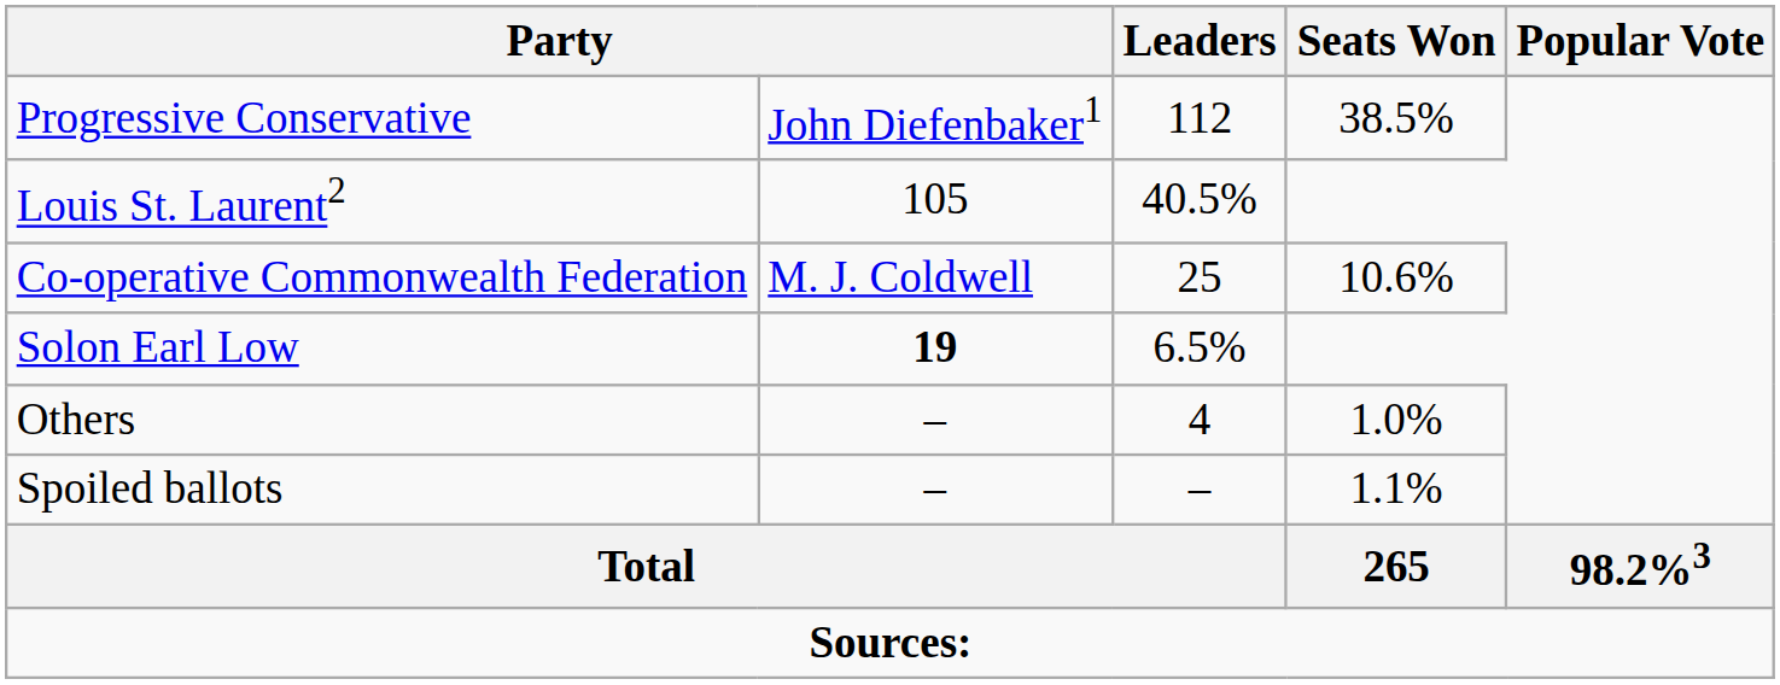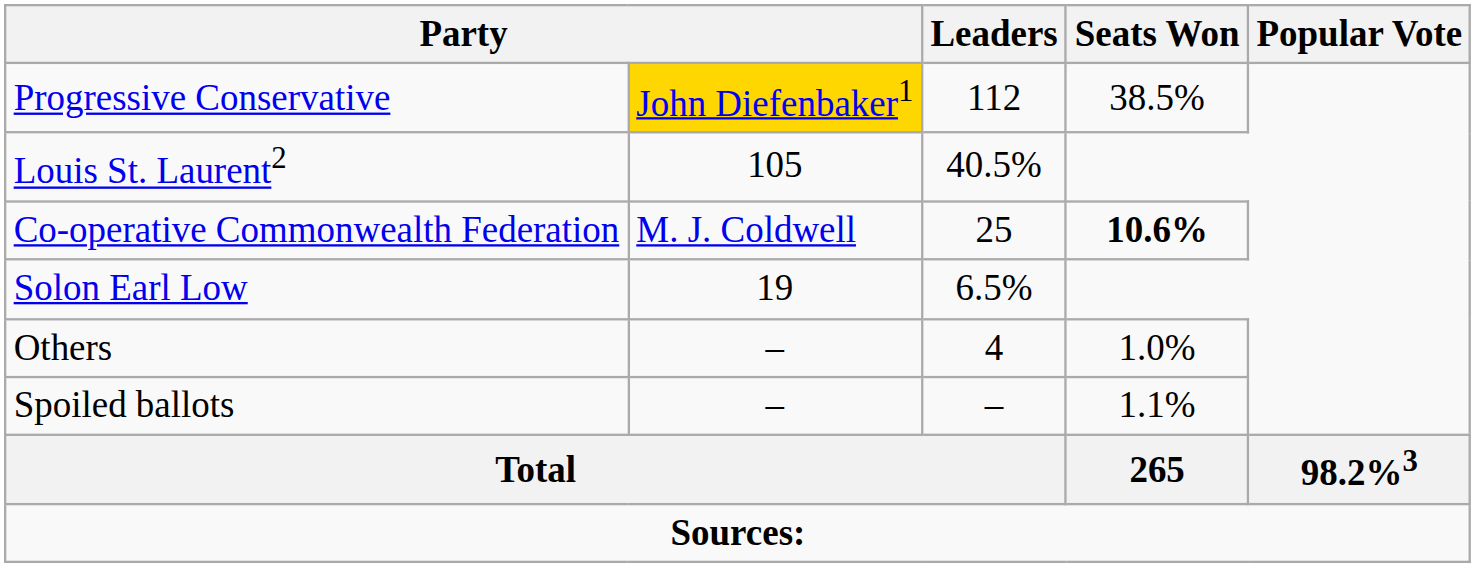 <table class="wikitable">
 <tr>
 <th colspan="2">Party</th>
 <th>Leaders</th>
 <th>Seats Won</th>
 <th>Popular Vote</th>
 </tr>
 <tr>
 <td><a href='#'>Progressive Conservative</a></td>
-<td><a href='#'>John Diefenbaker</a><sup>1</sup></td>
+<td style="background: gold;"><a href='#'>John Diefenbaker</a><sup>1</sup></td>
 <td align=center>112</td>
 <td align=center>38.5%</td>
 </tr>
 <tr>
 <td><a href='#'>Louis St. Laurent</a><sup>2</sup></td>
 <td align=center>105</td>
 <td align=center>40.5%</td>
 </tr>
 <tr>
 <td><a href='#'>Co-operative Commonwealth Federation</a></td>
 <td><a href='#'>M. J. Coldwell</a></td>
 <td align=center>25</td>
-<td align=center>10.6%</td>
+<td align=center><strong>10.6%</strong></td>
 </tr>
 <tr>
 <td><a href='#'>Solon Earl Low</a></td>
-<td align=center><strong>19</strong></td>
+<td align=center>19</td>
 <td align=center>6.5%</td>
 </tr>
 <tr>
 <td>Others</td>
 <td align=center>–</td>
 <td align=center>4</td>
 <td align=center>1.0%</td>
 </tr>
 <tr>
 <td>Spoiled ballots</td>
 <td align=center>–</td>
 <td align=center>–</td>
 <td align=center>1.1%</td>
 </tr>
 <tr>
 <th colspan=3 align=left>Total</th>
 <th align=center>265</th>
 <th align=center>98.2%<sup>3</sup></th>
 </tr>
 <tr>
 <td align="center" colspan=5><strong>Sources:</strong> </td>
 </tr>
 </table>
